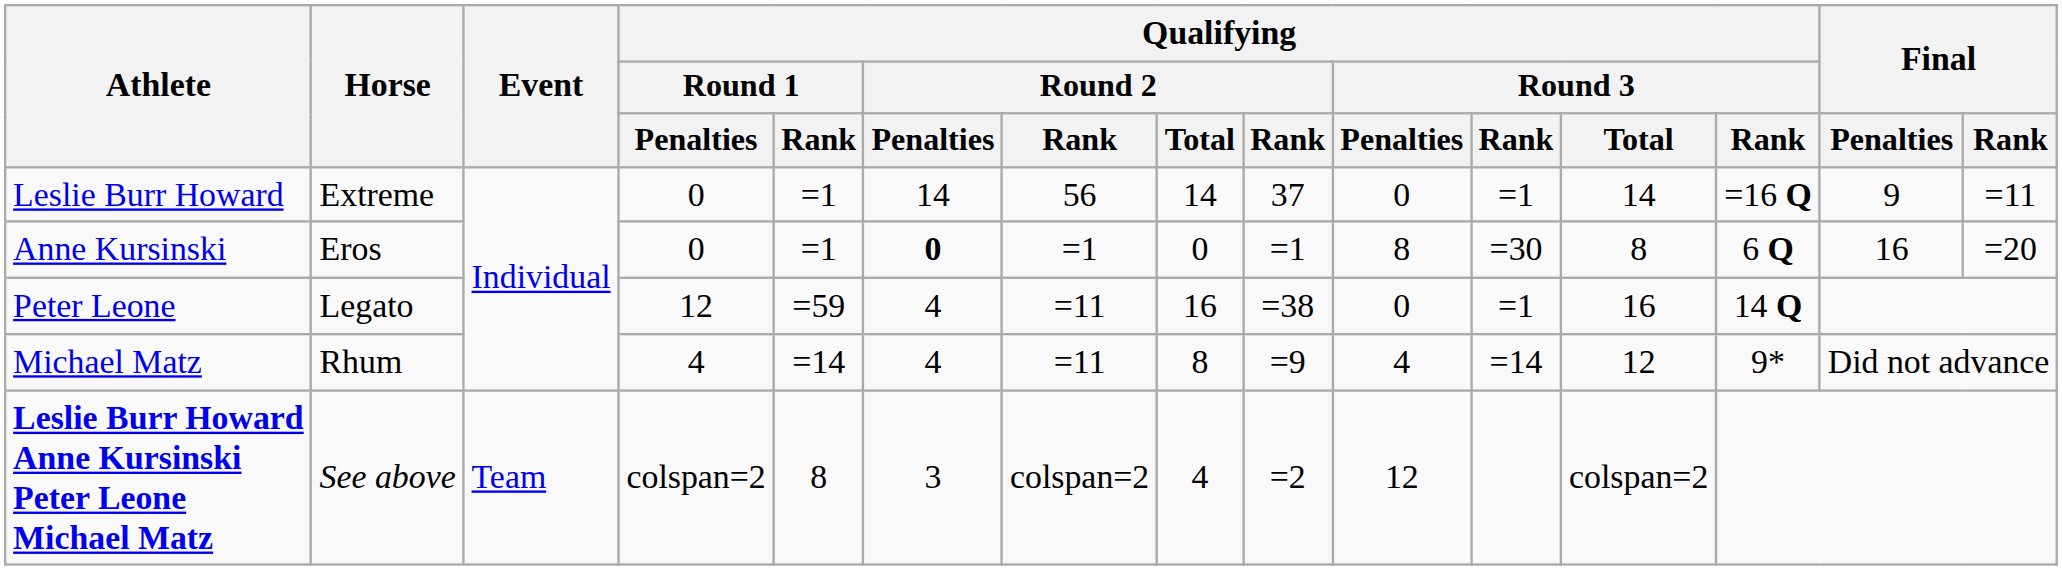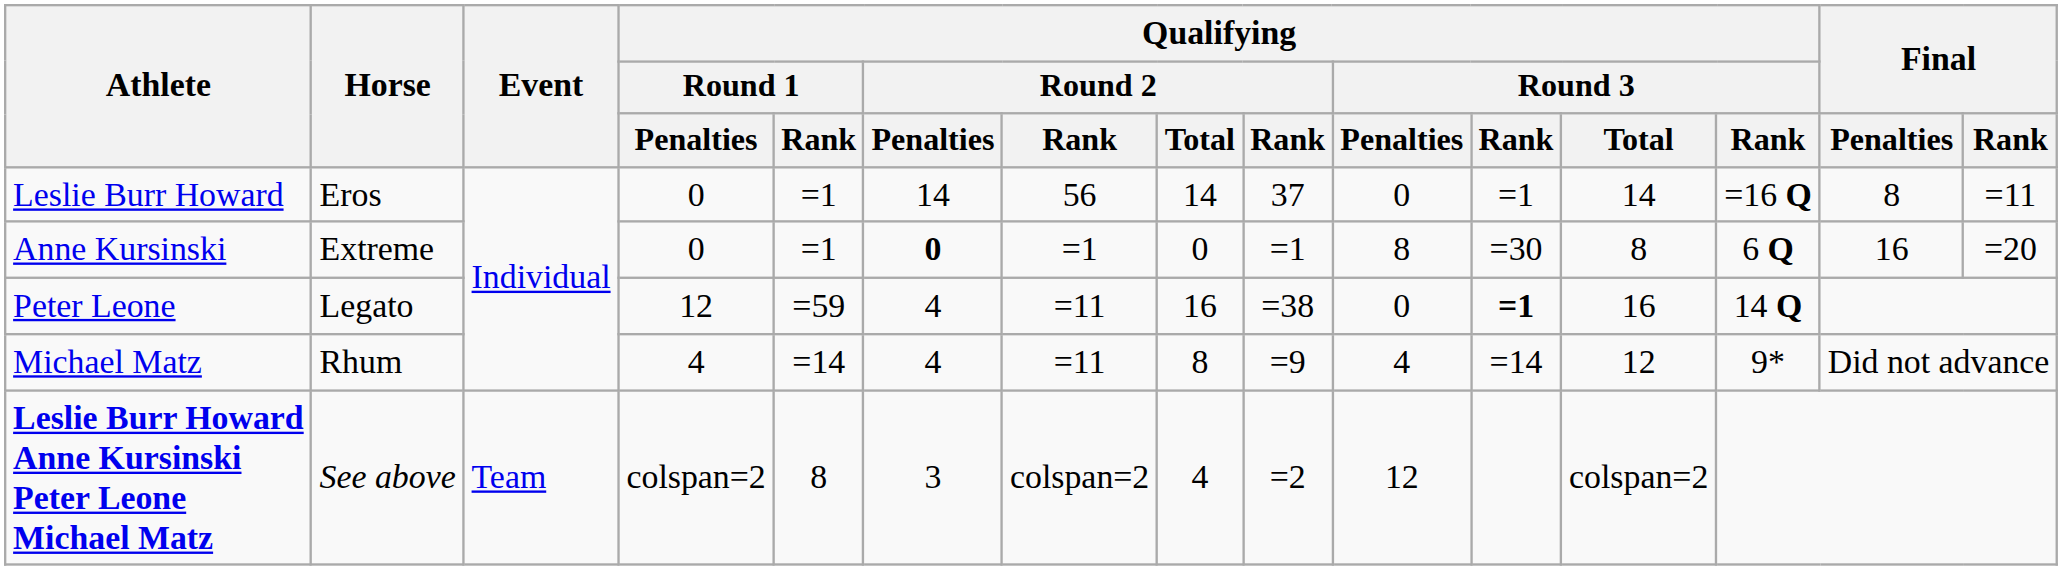 <table class=wikitable style=font-size:90%;text-align:center>
 <tr>
 <th rowspan=3>Athlete</th>
 <th rowspan=3>Horse</th>
 <th rowspan=3>Event</th>
 <th colspan=10>Qualifying</th>
 <th colspan=2 rowspan=2>Final</th>
 </tr>
 <tr style=font-size:95%>
 <th colspan=2>Round 1</th>
 <th colspan=4>Round 2</th>
 <th colspan=4>Round 3</th>
 </tr>
 <tr style=font-size:95%>
 <th>Penalties</th>
 <th>Rank</th>
 <th>Penalties</th>
 <th>Rank</th>
 <th>Total</th>
 <th>Rank</th>
 <th>Penalties</th>
 <th>Rank</th>
 <th>Total</th>
 <th>Rank</th>
 <th>Penalties</th>
 <th>Rank</th>
 </tr>
 <tr>
 <td align=left><a href='#'>Leslie Burr Howard</a></td>
-<td align=left>Extreme</td>
+<td align=left>Eros</td>
 <td align=left rowspan=4><a href='#'>Individual</a></td>
 <td>0</td>
 <td>=1</td>
 <td>14</td>
 <td>56</td>
 <td>14</td>
 <td>37</td>
 <td>0</td>
 <td>=1</td>
 <td>14</td>
 <td>=16 <strong>Q</strong></td>
-<td>9</td>
+<td>8</td>
 <td>=11</td>
 </tr>
 <tr>
 <td align=left><a href='#'>Anne Kursinski</a></td>
-<td align=left>Eros</td>
+<td align=left>Extreme</td>
 <td>0</td>
 <td>=1</td>
 <td><strong>0</strong></td>
 <td>=1</td>
 <td>0</td>
 <td>=1</td>
 <td>8</td>
 <td>=30</td>
 <td>8</td>
 <td>6 <strong>Q</strong></td>
 <td>16</td>
 <td>=20</td>
 </tr>
 <tr>
 <td align=left><a href='#'>Peter Leone</a></td>
 <td align=left>Legato</td>
 <td>12</td>
 <td>=59</td>
 <td>4</td>
 <td>=11</td>
 <td>16</td>
 <td>=38</td>
 <td>0</td>
-<td>=1</td>
+<td><strong>=1</strong></td>
 <td>16</td>
 <td>14 <strong>Q</strong></td>
 <td colspan=2></td>
 </tr>
 <tr>
 <td align=left><a href='#'>Michael Matz</a></td>
 <td align=left>Rhum</td>
 <td>4</td>
 <td>=14</td>
 <td>4</td>
 <td>=11</td>
 <td>8</td>
 <td>=9</td>
 <td>4</td>
 <td>=14</td>
 <td>12</td>
 <td>9*</td>
 <td colspan=2>Did not advance</td>
 </tr>
 <tr>
 <td align=left><strong><a href='#'>Leslie Burr Howard</a><br><a href='#'>Anne Kursinski</a><br><a href='#'>Peter Leone</a><br><a href='#'>Michael Matz</a></strong></td>
 <td align=left><em>See above</em></td>
 <td align=left><a href='#'>Team</a></td>
 <td>colspan=2 </td>
 <td>8</td>
 <td>3</td>
 <td>colspan=2 </td>
 <td>4</td>
 <td>=2</td>
 <td>12</td>
 <td></td>
 <td>colspan=2 </td>
 </tr>
 </table>
